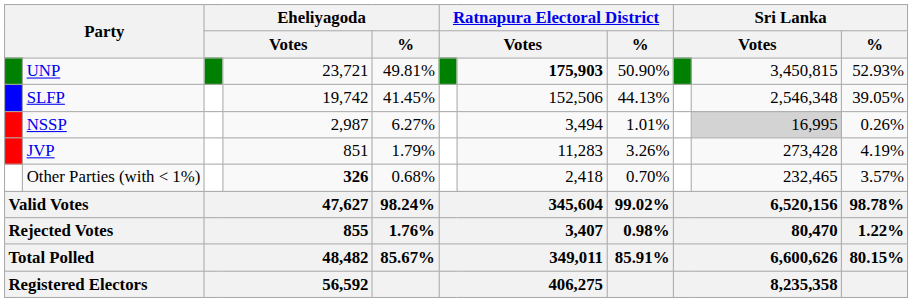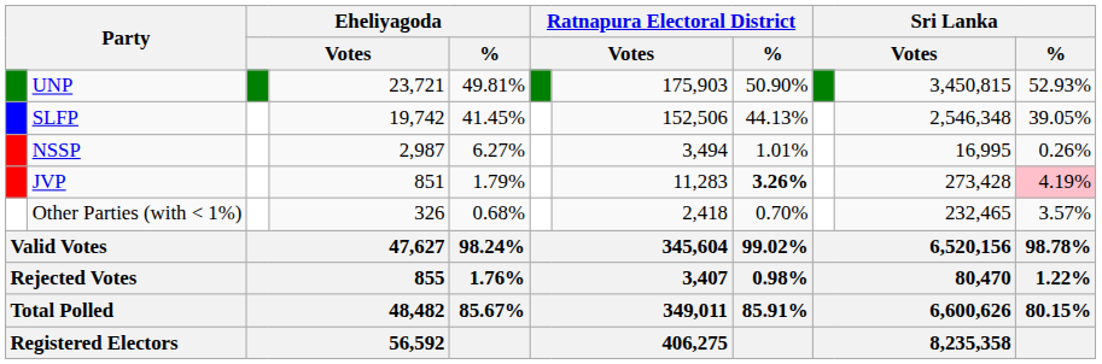 <table class="wikitable">
 <tr>
 <th colspan="2" width="144px"rowspan="2">Party</th>
 <th colspan="3" width="216px">Eheliyagoda</th>
 <th colspan="3" width="216px"><a href='#'>Ratnapura Electoral District</a></th>
 <th colspan="3" width="216px">Sri Lanka</th>
 </tr>
 <tr>
 <th colspan="2" width="144px">Votes</th>
 <th>%</th>
 <th colspan="2" width="144px">Votes</th>
 <th>%</th>
 <th colspan="2" width="144px">Votes</th>
 <th>%</th>
 </tr>
 <tr>
 <td style="background-color:green;" width="10px"></td>
 <td style="text-align:left;"><a href='#'>UNP</a></td>
 <td style="background-color:green;" width="10px"></td>
 <td style="text-align:right;">23,721</td>
 <td style="text-align:right;">49.81%</td>
 <td style="background-color:green;" width="10px"></td>
-<td style="text-align:right;"><strong>175,903</strong></td>
+<td style="text-align:right;">175,903</td>
 <td style="text-align:right;">50.90%</td>
 <td style="background-color:green;" width="10px"></td>
 <td style="text-align:right;">3,450,815</td>
 <td style="text-align:right;">52.93%</td>
 </tr>
 <tr>
 <td style="background-color:blue;" width="10px"></td>
 <td style="text-align:left;"><a href='#'>SLFP</a></td>
 <td style="background-color:white;" width="10px"></td>
 <td style="text-align:right;">19,742</td>
 <td style="text-align:right;">41.45%</td>
 <td style="background-color:white;" width="10px"></td>
 <td style="text-align:right;">152,506</td>
 <td style="text-align:right;">44.13%</td>
 <td style="background-color:white;" width="10px"></td>
 <td style="text-align:right;">2,546,348</td>
 <td style="text-align:right;">39.05%</td>
 </tr>
 <tr>
 <td style="background-color:red;" width="10px"></td>
 <td style="text-align:left;"><a href='#'>NSSP</a></td>
 <td style="background-color:white;" width="10px"></td>
 <td style="text-align:right;">2,987</td>
 <td style="text-align:right;">6.27%</td>
 <td style="background-color:white;" width="10px"></td>
 <td style="text-align:right;">3,494</td>
 <td style="text-align:right;">1.01%</td>
 <td style="background-color:white;" width="10px"></td>
-<td style="background: lightgrey; text-align:right;">16,995</td>
+<td style="text-align:right;">16,995</td>
 <td style="text-align:right;">0.26%</td>
 </tr>
 <tr>
 <td style="background-color:red;" width="10px"></td>
 <td style="text-align:left;"><a href='#'>JVP</a></td>
 <td style="background-color:white;" width="10px"></td>
 <td style="text-align:right;">851</td>
 <td style="text-align:right;">1.79%</td>
 <td style="background-color:white;" width="10px"></td>
 <td style="text-align:right;">11,283</td>
-<td style="text-align:right;">3.26%</td>
+<td style="text-align:right;"><strong>3.26%</strong></td>
 <td style="background-color:white;" width="10px"></td>
 <td style="text-align:right;">273,428</td>
-<td style="text-align:right;">4.19%</td>
+<td style="background: pink; text-align:right;">4.19%</td>
 </tr>
 <tr>
 <td style="background-color:white;" width="10px"></td>
 <td style="text-align:left;">Other Parties (with < 1%)</td>
 <td style="background-color:white;" width="10px"></td>
-<td style="text-align:right;"><strong>326</strong></td>
+<td style="text-align:right;">326</td>
 <td style="text-align:right;">0.68%</td>
 <td style="background-color:white;" width="10px"></td>
 <td style="text-align:right;">2,418</td>
 <td style="text-align:right;">0.70%</td>
 <td style="background-color:white;" width="10px"></td>
 <td style="text-align:right;">232,465</td>
 <td style="text-align:right;">3.57%</td>
 </tr>
 <tr>
 <th colspan="2" width="144px"style="text-align:left;">Valid Votes</th>
 <th style="text-align:right;"colspan="2" width="144px">47,627</th>
 <th style="text-align:right;">98.24%</th>
 <th style="text-align:right;"colspan="2" width="144px">345,604</th>
 <th style="text-align:right;">99.02%</th>
 <th style="text-align:right;"colspan="2" width="144px">6,520,156</th>
 <th style="text-align:right;">98.78%</th>
 </tr>
 <tr>
 <th colspan="2" width="144px"style="text-align:left;">Rejected Votes</th>
 <th style="text-align:right;"colspan="2" width="144px">855</th>
 <th style="text-align:right;">1.76%</th>
 <th style="text-align:right;"colspan="2" width="144px">3,407</th>
 <th style="text-align:right;">0.98%</th>
 <th style="text-align:right;"colspan="2" width="144px">80,470</th>
 <th style="text-align:right;">1.22%</th>
 </tr>
 <tr>
 <th colspan="2" width="144px"style="text-align:left;">Total Polled</th>
 <th style="text-align:right;"colspan="2" width="144px">48,482</th>
 <th style="text-align:right;">85.67%</th>
 <th style="text-align:right;"colspan="2" width="144px">349,011</th>
 <th style="text-align:right;">85.91%</th>
 <th style="text-align:right;"colspan="2" width="144px">6,600,626</th>
 <th style="text-align:right;">80.15%</th>
 </tr>
 <tr>
 <th colspan="2" width="144px"style="text-align:left;">Registered Electors</th>
 <th style="text-align:right;"colspan="2" width="144px">56,592</th>
 <th></th>
 <th style="text-align:right;"colspan="2" width="144px">406,275</th>
 <th></th>
 <th style="text-align:right;"colspan="2" width="144px">8,235,358</th>
 <th></th>
 </tr>
 </table>
